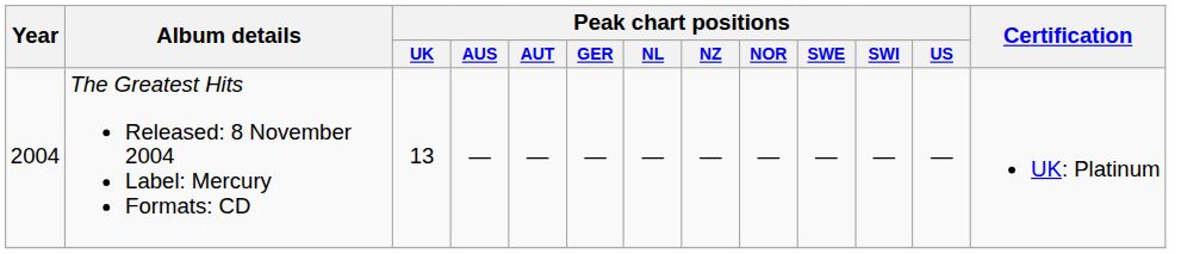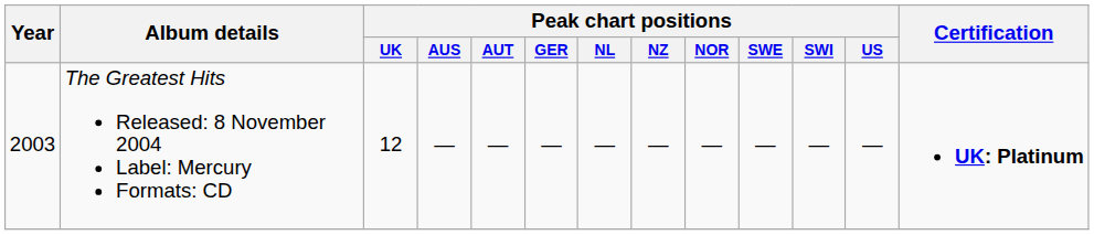 <table class="wikitable" style=text-align:center;>
 <tr>
 <th rowspan="2">Year</th>
 <th width="230" rowspan="2">Album details</th>
 <th colspan="10">Peak chart positions</th>
 <th rowspan="2"><a href='#'>Certification</a></th>
 </tr>
 <tr>
 <th style="width:3em;font-size:75%"><a href='#'>UK</a><br></th>
 <th style="width:3em;font-size:75%"><a href='#'>AUS</a><br></th>
 <th style="width:3em;font-size:75%"><a href='#'>AUT</a><br></th>
 <th style="width:3em;font-size:75%"><a href='#'>GER</a><br></th>
 <th style="width:3em;font-size:75%"><a href='#'>NL</a><br></th>
 <th style="width:3em;font-size:75%"><a href='#'>NZ</a><br></th>
 <th style="width:3em;font-size:75%"><a href='#'>NOR</a><br></th>
 <th style="width:3em;font-size:75%"><a href='#'>SWE</a><br></th>
 <th style="width:3em;font-size:75%"><a href='#'>SWI</a><br></th>
 <th style="width:3em;font-size:75%"><a href='#'>US</a><br></th>
 </tr>
 <tr>
-<td>2004</td>
+<td>2003</td>
 <td align=left><em>The Greatest Hits</em><br><ul><li>Released: 8 November 2004</li><li>Label: Mercury</li><li>Formats: CD</li></ul></td>
-<td>13</td>
+<td>12</td>
 <td>—</td>
 <td>—</td>
 <td>—</td>
 <td>—</td>
 <td>—</td>
 <td>—</td>
 <td>—</td>
 <td>—</td>
 <td>—</td>
-<td><br><ul><li><a href='#'>UK</a>: Platinum</li></ul></td>
+<td><strong><br><ul><li><a href='#'>UK</a>: Platinum</li></ul></strong></td>
 </tr>
 <tr>
 </tr>
 </table>
